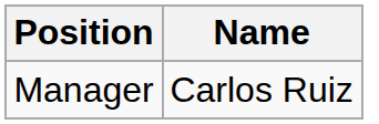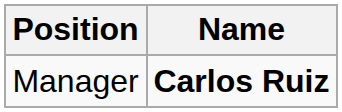 <table class="wikitable">
 <tr>
 <th>Position</th>
 <th>Name</th>
 </tr>
 <tr>
 <td>Manager</td>
-<td> Carlos Ruiz</td>
+<td><strong> Carlos Ruiz</strong></td>
 </tr>
 </table>
